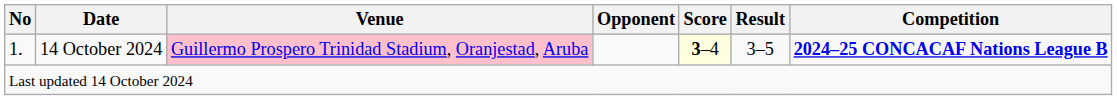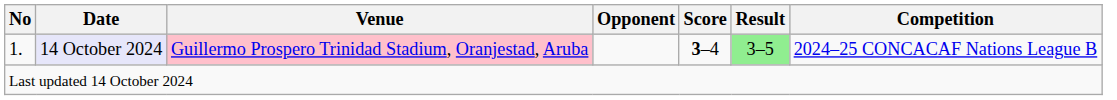 <table class="wikitable" style="font-size:85%;">
 <tr>
 <th>No</th>
 <th>Date</th>
 <th>Venue</th>
 <th>Opponent</th>
 <th>Score</th>
 <th>Result</th>
 <th>Competition</th>
 </tr>
 <tr>
 <td>1.</td>
-<td>14 October 2024</td>
+<td style="background: lavender;">14 October 2024</td>
 <td style="background: pink;"><a href='#'>Guillermo Prospero Trinidad Stadium</a>, <a href='#'>Oranjestad</a>, <a href='#'>Aruba</a></td>
 <td></td>
-<td align=center style="background: lightyellow;"><strong>3</strong>–4</td>
-<td align=center>3–5</td>
-<td><strong><a href='#'>2024–25 CONCACAF Nations League B</a></strong></td>
+<td align=center><strong>3</strong>–4</td>
+<td align=center style="background: lightgreen;">3–5</td>
+<td><a href='#'>2024–25 CONCACAF Nations League B</a></td>
 </tr>
 <tr>
 <td colspan="7"><small>Last updated 14 October 2024</small></td>
 </tr>
 </table>
